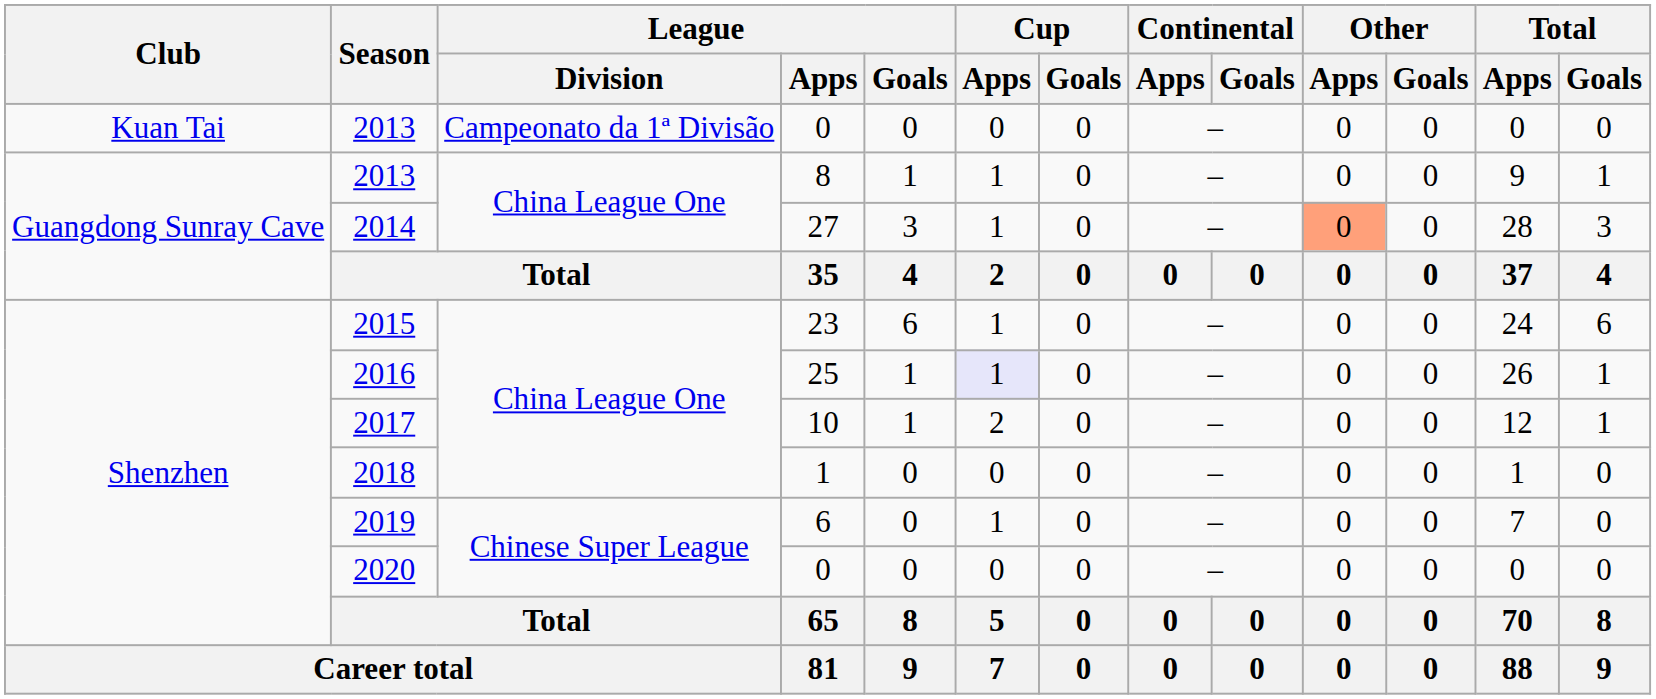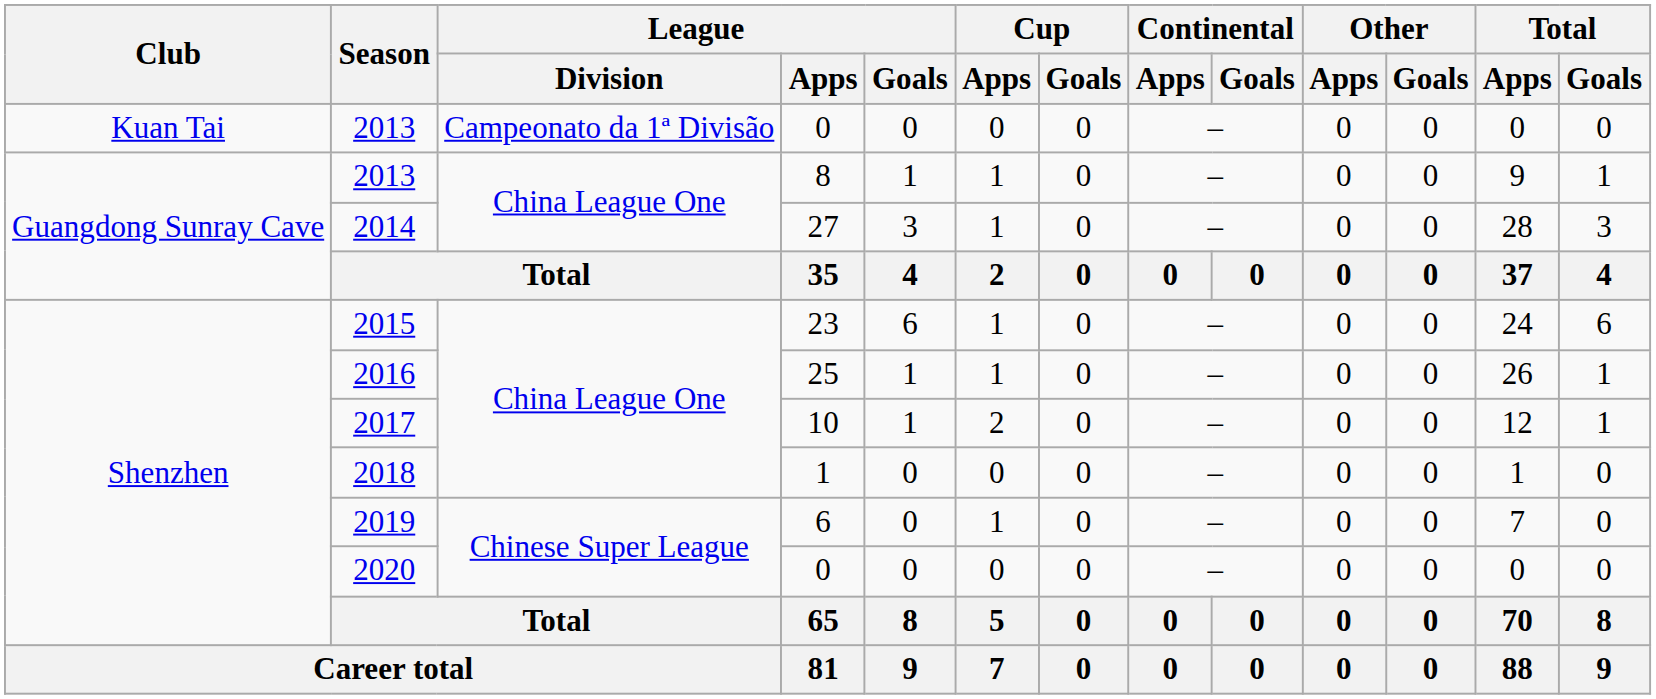 <table class="wikitable" style="text-align: center">
 <tr>
 <th rowspan="2">Club</th>
 <th rowspan="2">Season</th>
 <th colspan="3">League</th>
 <th colspan="2">Cup</th>
 <th colspan="2">Continental</th>
 <th colspan="2">Other</th>
 <th colspan="2">Total</th>
 </tr>
 <tr>
 <th>Division</th>
 <th>Apps</th>
 <th>Goals</th>
 <th>Apps</th>
 <th>Goals</th>
 <th>Apps</th>
 <th>Goals</th>
 <th>Apps</th>
 <th>Goals</th>
 <th>Apps</th>
 <th>Goals</th>
 </tr>
 <tr>
 <td><a href='#'>Kuan Tai</a></td>
 <td><a href='#'>2013</a></td>
 <td><a href='#'>Campeonato da 1ª Divisão</a></td>
 <td>0</td>
 <td>0</td>
 <td>0</td>
 <td>0</td>
 <td colspan="2">–</td>
 <td>0</td>
 <td>0</td>
 <td>0</td>
 <td>0</td>
 </tr>
 <tr>
 <td rowspan="3"><a href='#'>Guangdong Sunray Cave</a></td>
 <td><a href='#'>2013</a></td>
 <td rowspan="2"><a href='#'>China League One</a></td>
 <td>8</td>
 <td>1</td>
 <td>1</td>
 <td>0</td>
 <td colspan="2">–</td>
 <td>0</td>
 <td>0</td>
 <td>9</td>
 <td>1</td>
 </tr>
 <tr>
 <td><a href='#'>2014</a></td>
 <td>27</td>
 <td>3</td>
 <td>1</td>
 <td>0</td>
 <td colspan="2">–</td>
-<td style="background: lightsalmon;">0</td>
+<td>0</td>
 <td>0</td>
 <td>28</td>
 <td>3</td>
 </tr>
 <tr>
 <th colspan=2>Total</th>
 <th>35</th>
 <th>4</th>
 <th>2</th>
 <th>0</th>
 <th>0</th>
 <th>0</th>
 <th>0</th>
 <th>0</th>
 <th>37</th>
 <th>4</th>
 </tr>
 <tr>
 <td rowspan="7"><a href='#'>Shenzhen</a></td>
 <td><a href='#'>2015</a></td>
 <td rowspan="4"><a href='#'>China League One</a></td>
 <td>23</td>
 <td>6</td>
 <td>1</td>
 <td>0</td>
 <td colspan="2">–</td>
 <td>0</td>
 <td>0</td>
 <td>24</td>
 <td>6</td>
 </tr>
 <tr>
 <td><a href='#'>2016</a></td>
 <td>25</td>
 <td>1</td>
-<td style="background: lavender;">1</td>
+<td>1</td>
 <td>0</td>
 <td colspan="2">–</td>
 <td>0</td>
 <td>0</td>
 <td>26</td>
 <td>1</td>
 </tr>
 <tr>
 <td><a href='#'>2017</a></td>
 <td>10</td>
 <td>1</td>
 <td>2</td>
 <td>0</td>
 <td colspan="2">–</td>
 <td>0</td>
 <td>0</td>
 <td>12</td>
 <td>1</td>
 </tr>
 <tr>
 <td><a href='#'>2018</a></td>
 <td>1</td>
 <td>0</td>
 <td>0</td>
 <td>0</td>
 <td colspan="2">–</td>
 <td>0</td>
 <td>0</td>
 <td>1</td>
 <td>0</td>
 </tr>
 <tr>
 <td><a href='#'>2019</a></td>
 <td rowspan=2><a href='#'>Chinese Super League</a></td>
 <td>6</td>
 <td>0</td>
 <td>1</td>
 <td>0</td>
 <td colspan="2">–</td>
 <td>0</td>
 <td>0</td>
 <td>7</td>
 <td>0</td>
 </tr>
 <tr>
 <td><a href='#'>2020</a></td>
 <td>0</td>
 <td>0</td>
 <td>0</td>
 <td>0</td>
 <td colspan="2">–</td>
 <td>0</td>
 <td>0</td>
 <td>0</td>
 <td>0</td>
 </tr>
 <tr>
 <th colspan=2>Total</th>
 <th>65</th>
 <th>8</th>
 <th>5</th>
 <th>0</th>
 <th>0</th>
 <th>0</th>
 <th>0</th>
 <th>0</th>
 <th>70</th>
 <th>8</th>
 </tr>
 <tr>
 <th colspan=3>Career total</th>
 <th>81</th>
 <th>9</th>
 <th>7</th>
 <th>0</th>
 <th>0</th>
 <th>0</th>
 <th>0</th>
 <th>0</th>
 <th>88</th>
 <th>9</th>
 </tr>
 </table>
